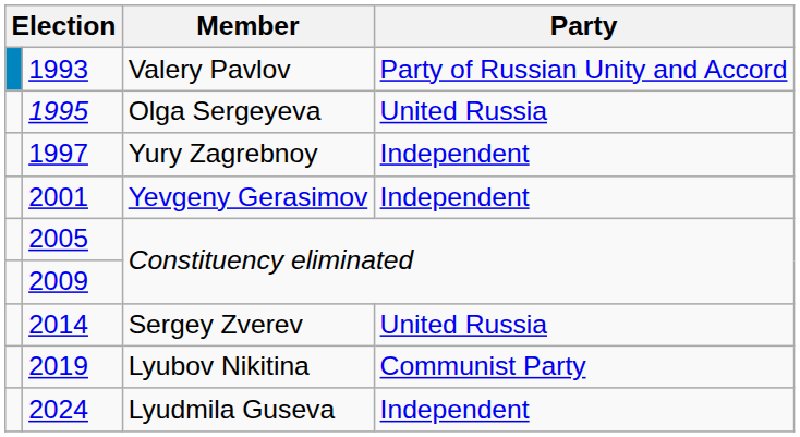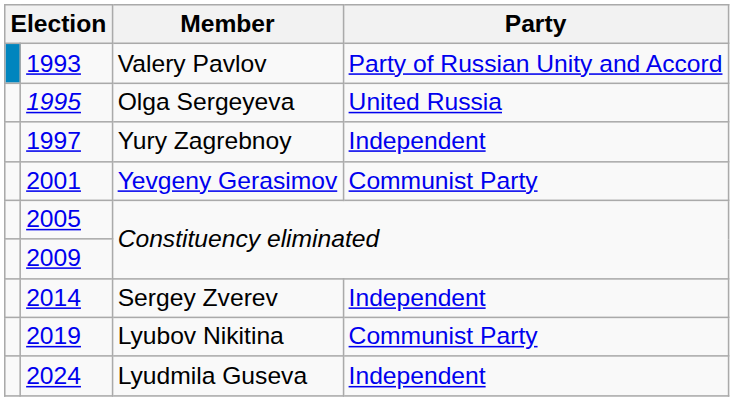 <table class="wikitable">
 <tr>
 <th colspan="2">Election</th>
 <th>Member</th>
 <th>Party</th>
 </tr>
 <tr>
 <td style="background-color:#0085BE"></td>
 <td><a href='#'>1993</a></td>
 <td>Valery Pavlov</td>
 <td><a href='#'>Party of Russian Unity and Accord</a></td>
 </tr>
 <tr>
 <td style="background-color:"></td>
 <td><em><a href='#'>1995</a></em></td>
 <td>Olga Sergeyeva</td>
 <td><a href='#'>United Russia</a></td>
 </tr>
 <tr>
 <td style="background-color:"></td>
 <td><a href='#'>1997</a></td>
 <td>Yury Zagrebnoy</td>
 <td><a href='#'>Independent</a></td>
 </tr>
 <tr>
 <td style="background-color:"></td>
 <td><a href='#'>2001</a></td>
 <td><a href='#'>Yevgeny Gerasimov</a></td>
-<td><a href='#'>Independent</a></td>
+<td><a href='#'>Communist Party</a></td>
 </tr>
 <tr>
 <td style="background-color:"></td>
 <td><a href='#'>2005</a></td>
 <td colspan=2 rowspan=2><em>Constituency eliminated</em></td>
 </tr>
 <tr>
 <td style="background-color:"></td>
 <td><a href='#'>2009</a></td>
 </tr>
 <tr>
 <td style="background-color:"></td>
 <td><a href='#'>2014</a></td>
 <td>Sergey Zverev</td>
-<td><a href='#'>United Russia</a></td>
+<td><a href='#'>Independent</a></td>
 </tr>
 <tr>
 <td style="background-color:"></td>
 <td><a href='#'>2019</a></td>
 <td>Lyubov Nikitina</td>
 <td><a href='#'>Communist Party</a></td>
 </tr>
 <tr>
 <td style="background-color:"></td>
 <td><a href='#'>2024</a></td>
 <td>Lyudmila Guseva</td>
 <td><a href='#'>Independent</a></td>
 </tr>
 </table>
